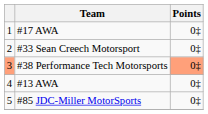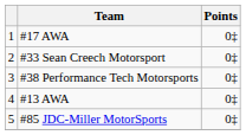 <table class="wikitable" style="font-size: 95%;">
 <tr>
 <th scope="col"></th>
 <th scope="col">Team</th>
 <th scope="col">Points</th>
 </tr>
 <tr>
 <td align=center>1</td>
 <td> #17 AWA</td>
 <td align=right>0‡</td>
 </tr>
 <tr>
 <td align=center>2</td>
 <td> #33 Sean Creech Motorsport</td>
 <td align=right>0‡</td>
 </tr>
 <tr>
-<td align=center style="background: lightsalmon;">3</td>
+<td align=center>3</td>
 <td> #38 Performance Tech Motorsports</td>
-<td align=right style="background: lightsalmon;">0‡</td>
+<td align=right>0‡</td>
 </tr>
 <tr>
 <td align=center>4</td>
 <td> #13 AWA</td>
 <td align=right>0‡</td>
 </tr>
 <tr>
 <td align=center>5</td>
 <td> #85 <a href='#'>JDC-Miller MotorSports</a></td>
 <td align=right>0‡</td>
 </tr>
 <tr>
 </tr>
 </table>
